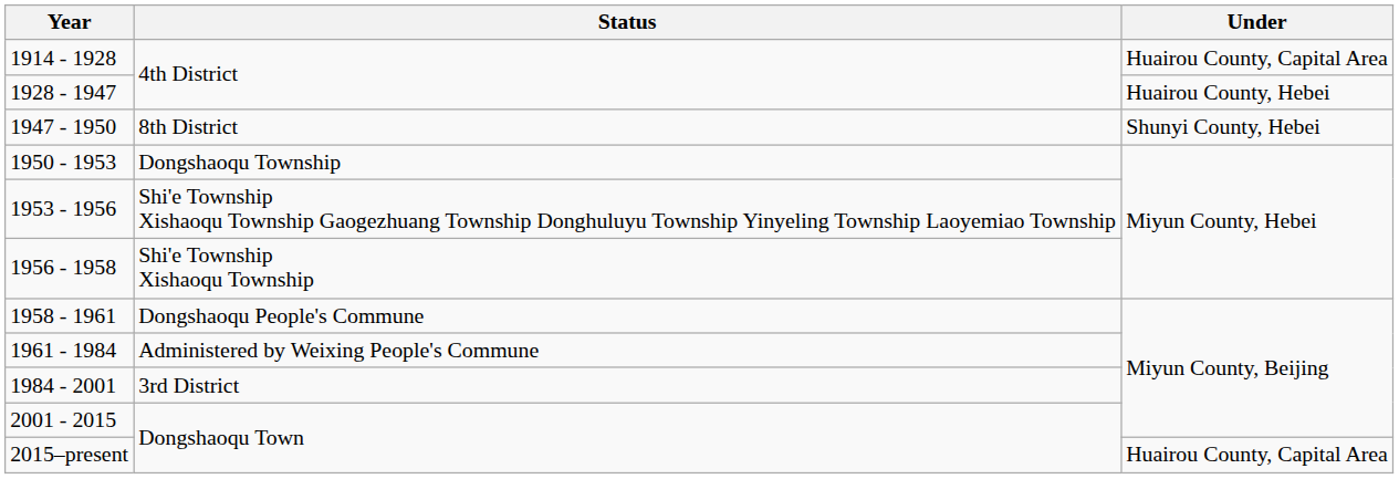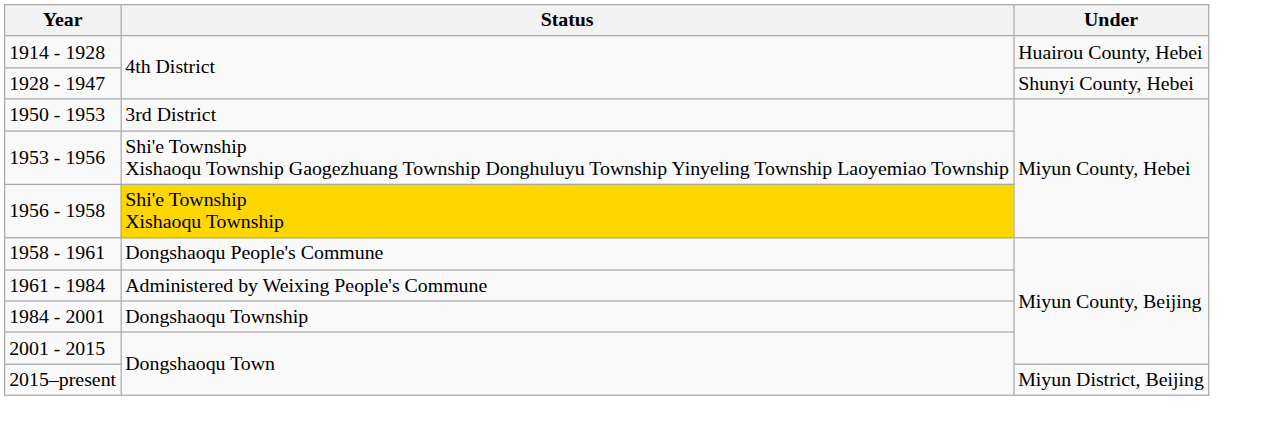 <table class="wikitable">
 <tr>
 <th>Year</th>
 <th>Status</th>
 <th>Under</th>
 </tr>
 <tr>
 <td>1914 - 1928</td>
 <td rowspan="2">4th District</td>
-<td>Huairou County, Capital Area</td>
+<td>Huairou County, Hebei</td>
 </tr>
 <tr>
 <td>1928 - 1947</td>
-<td>Huairou County, Hebei</td>
-</tr>
-<tr>
-<td>1947 - 1950</td>
-<td>8th District</td>
 <td>Shunyi County, Hebei</td>
 </tr>
 <tr>
 <td>1950 - 1953</td>
-<td>Dongshaoqu Township</td>
+<td>3rd District</td>
 <td rowspan="3">Miyun County, Hebei</td>
 </tr>
 <tr>
 <td>1953 - 1956</td>
 <td>Shi'e Township<br>Xishaoqu Township Gaogezhuang Township Donghuluyu Township Yinyeling Township Laoyemiao Township</td>
 </tr>
 <tr>
 <td>1956 - 1958</td>
-<td>Shi'e Township<br>Xishaoqu Township</td>
+<td style="background: gold;">Shi'e Township<br>Xishaoqu Township</td>
 </tr>
 <tr>
 <td>1958 - 1961</td>
 <td>Dongshaoqu People's Commune</td>
 <td rowspan="4">Miyun County, Beijing</td>
 </tr>
 <tr>
 <td>1961 - 1984</td>
 <td>Administered by Weixing People's Commune</td>
 </tr>
 <tr>
 <td>1984 - 2001</td>
-<td>3rd District</td>
+<td>Dongshaoqu Township</td>
 </tr>
 <tr>
 <td>2001 - 2015</td>
 <td rowspan="2">Dongshaoqu Town</td>
 </tr>
 <tr>
 <td>2015–present</td>
-<td>Huairou County, Capital Area</td>
+<td>Miyun District, Beijing</td>
 </tr>
 </table>
